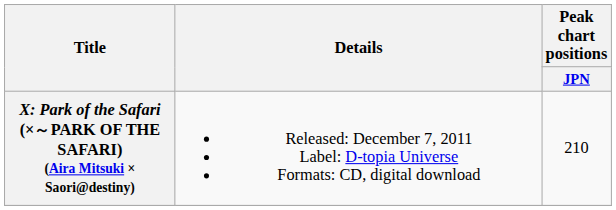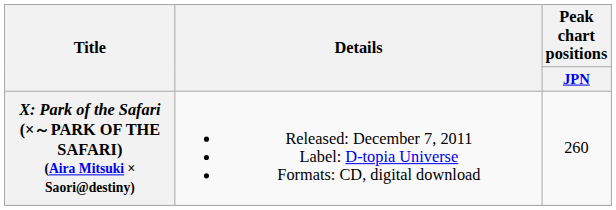 <table class="wikitable plainrowheaders" style="text-align:center;">
 <tr>
 <th scope="col" rowspan="2" style="width:10em">Title</th>
 <th scope="col" rowspan="2" style="width:22em">Details</th>
 <th scope="col" colspan="1">Peak chart positions</th>
 </tr>
 <tr>
 <th scope="col" style="width:3em;font-size:90%;"><a href='#'>JPN</a></th>
 </tr>
 <tr>
 <th scope="row"><em>X: Park of the Safari</em> <br> (×～PARK OF THE SAFARI) <br> <small>(<a href='#'>Aira Mitsuki</a> × Saori@destiny)</small></th>
 <td><br><ul><li>Released: December 7, 2011</li><li>Label: <a href='#'>D-topia Universe</a></li><li>Formats: CD, digital download</li></ul></td>
-<td>210</td>
+<td>260</td>
 </tr>
 <tr>
 </tr>
 </table>
